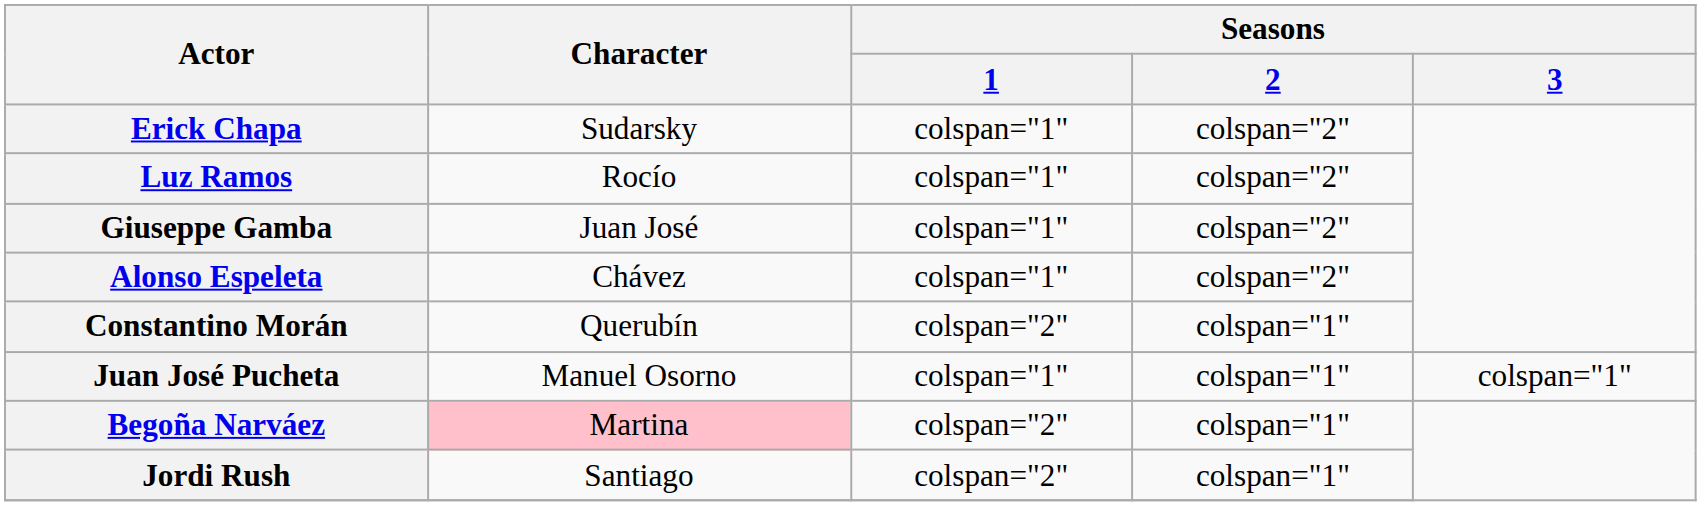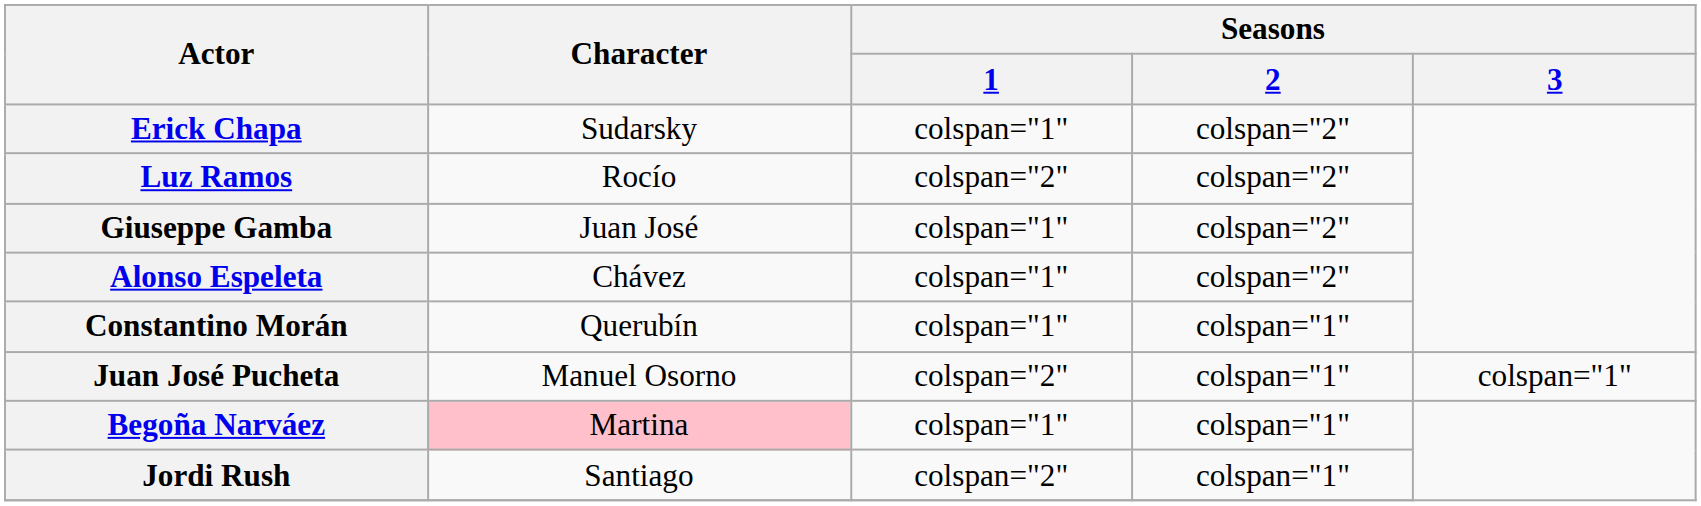 <table class="wikitable plainrowheaders" style="text-align:center">
 <tr>
 <th scope="col" rowspan="2" style="width:15%;">Actor</th>
 <th scope="col" rowspan="2" style="width:15%;">Character</th>
 <th scope="col" colspan="3">Seasons</th>
 </tr>
 <tr>
 <th scope="col" style="width: 10%"><a href='#'>1</a></th>
 <th scope="col" style="width: 10%"><a href='#'>2</a></th>
 <th scope="col" style="width: 10%"><a href='#'>3</a></th>
 </tr>
 <tr>
 <th scope="row" style="text-align: center"><a href='#'>Erick Chapa</a></th>
 <td>Sudarsky</td>
 <td>colspan="1" </td>
 <td>colspan="2" </td>
 </tr>
 <tr>
 <th scope="row" style="text-align: center"><a href='#'>Luz Ramos</a></th>
 <td>Rocío</td>
-<td>colspan="1" </td>
+<td>colspan="2" </td>
 <td>colspan="2" </td>
 </tr>
 <tr>
 <th scope="row" style="text-align: center">Giuseppe Gamba</th>
 <td>Juan José</td>
 <td>colspan="1" </td>
 <td>colspan="2" </td>
 </tr>
 <tr>
 <th scope="row" style="text-align: center"><a href='#'>Alonso Espeleta</a></th>
 <td>Chávez</td>
 <td>colspan="1" </td>
 <td>colspan="2" </td>
 </tr>
 <tr>
 <th scope="row" style="text-align: center">Constantino Morán</th>
 <td>Querubín</td>
-<td>colspan="2" </td>
+<td>colspan="1" </td>
 <td>colspan="1" </td>
 </tr>
 <tr>
 <th scope="row" style="text-align: center">Juan José Pucheta</th>
 <td>Manuel Osorno</td>
-<td>colspan="1" </td>
+<td>colspan="2" </td>
 <td>colspan="1" </td>
 <td>colspan="1" </td>
 </tr>
 <tr>
 <th scope="row" style="text-align: center"><a href='#'>Begoña Narváez</a></th>
 <td style="background: pink;">Martina</td>
-<td>colspan="2" </td>
+<td>colspan="1" </td>
 <td>colspan="1" </td>
 </tr>
 <tr>
 <th scope="row" style="text-align: center">Jordi Rush</th>
 <td>Santiago</td>
 <td>colspan="2" </td>
 <td>colspan="1" </td>
 </tr>
 <tr>
 </tr>
 </table>
